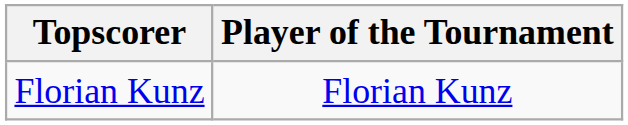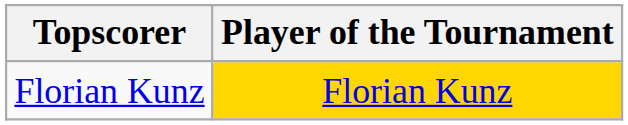 <table class=wikitable style="text-align:center; margin:auto">
 <tr>
 <th>Topscorer</th>
 <th>Player of the Tournament</th>
 </tr>
 <tr>
 <td> <a href='#'>Florian Kunz</a></td>
-<td> <a href='#'>Florian Kunz</a></td>
+<td style="background: gold;"> <a href='#'>Florian Kunz</a></td>
 </tr>
 </table>
